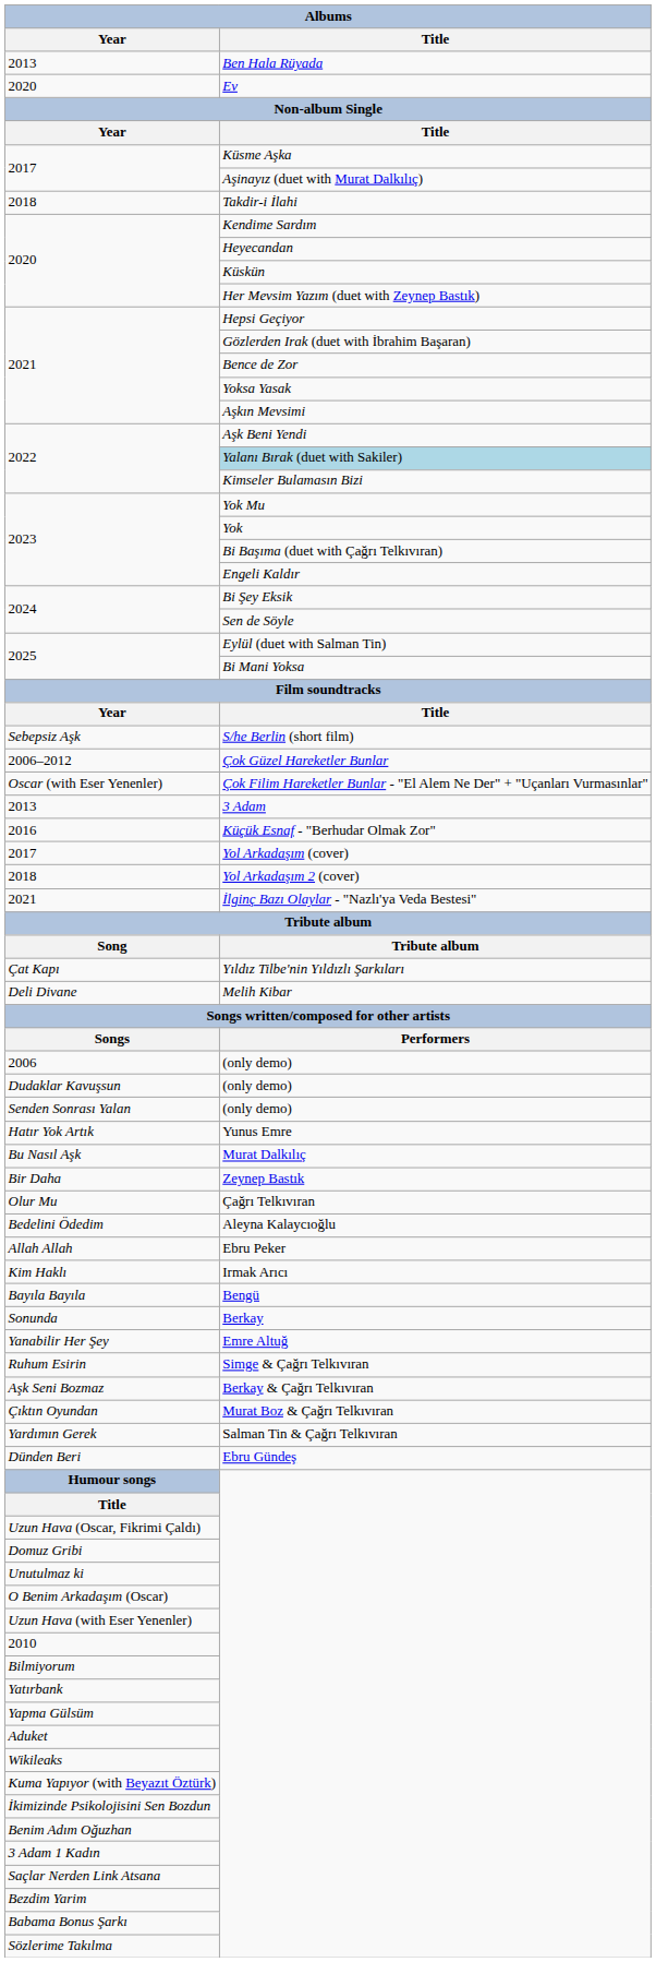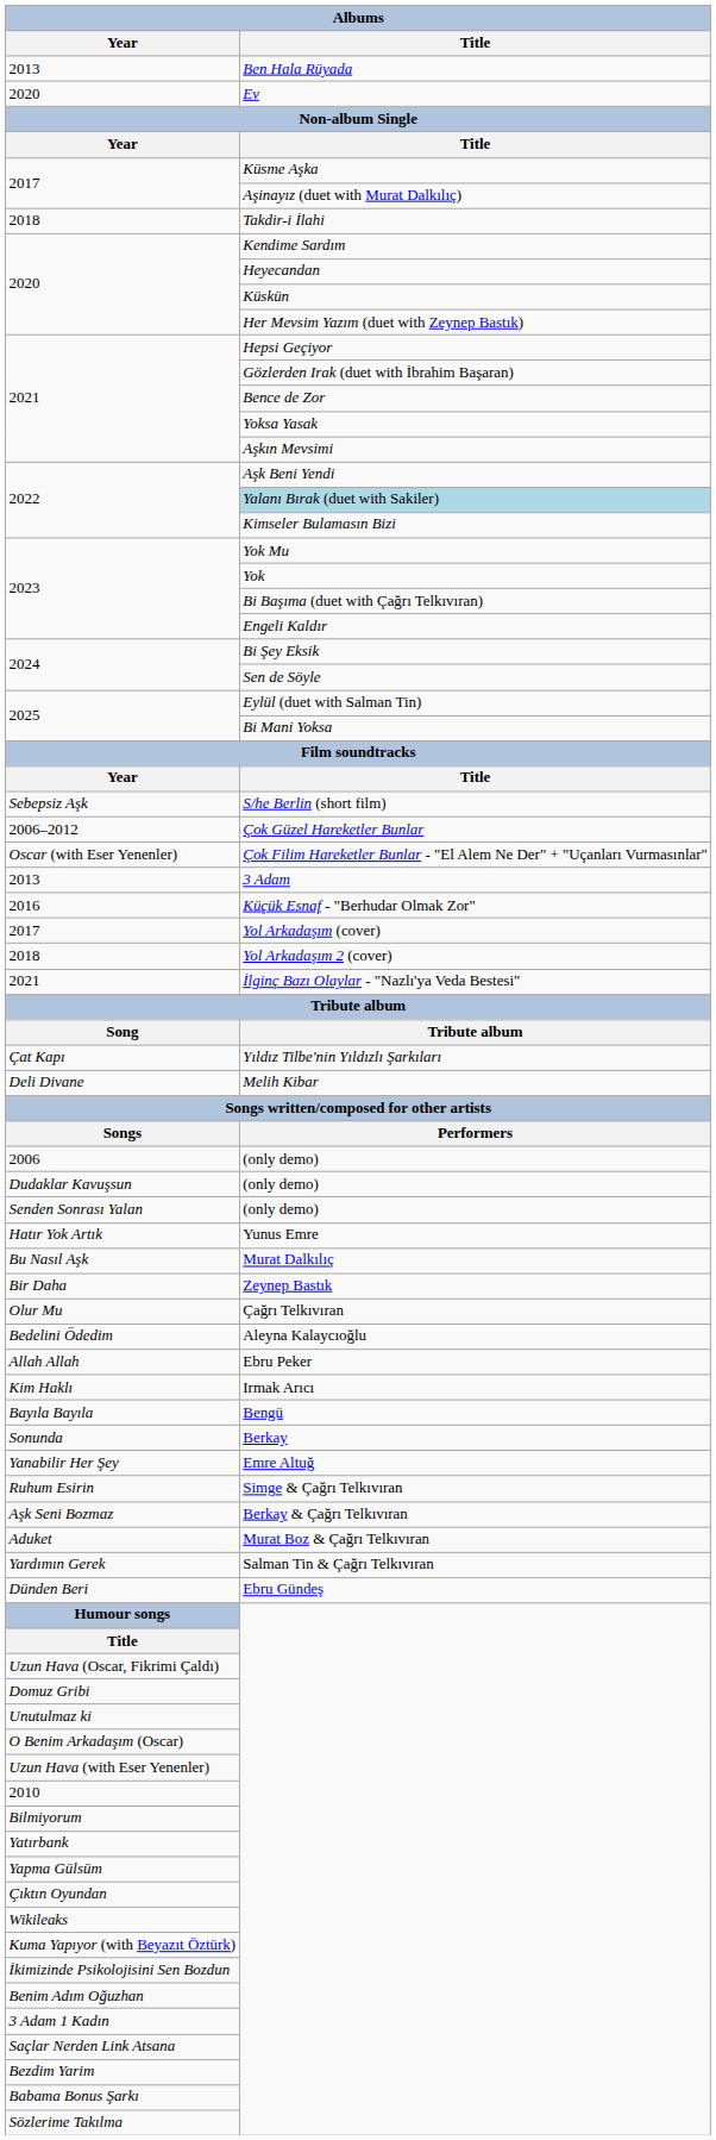 <table class="wikitable" style="font-size:80%">
 <tr>
 <th colspan="2" style="background:LightSteelBlue">Albums</th>
 </tr>
 <tr>
 <th>Year</th>
 <th>Title</th>
 </tr>
 <tr>
 <td>2013</td>
 <td><em><a href='#'>Ben Hala Rüyada</a></em></td>
 </tr>
 <tr>
 <td>2020</td>
 <td><em><a href='#'>Ev</a></em></td>
 </tr>
 <tr>
 <th colspan="2" style="background:LightSteelBlue">Non-album Single</th>
 </tr>
 <tr>
 <th>Year</th>
 <th>Title</th>
 </tr>
 <tr>
 <td rowspan="2">2017</td>
 <td><em>Küsme Aşka</em></td>
 </tr>
 <tr>
 <td><em>Aşinayız</em> (duet with <a href='#'>Murat Dalkılıç</a>)</td>
 </tr>
 <tr>
 <td>2018</td>
 <td><em>Takdir-i İlahi</em></td>
 </tr>
 <tr>
 <td rowspan="4">2020</td>
 <td><em>Kendime Sardım</em></td>
 </tr>
 <tr>
 <td><em>Heyecandan</em></td>
 </tr>
 <tr>
 <td><em>Küskün</em></td>
 </tr>
 <tr>
 <td><em>Her Mevsim Yazım</em> (duet with <a href='#'>Zeynep Bastık</a>)</td>
 </tr>
 <tr>
 <td rowspan="5">2021</td>
 <td><em>Hepsi Geçiyor</em></td>
 </tr>
 <tr>
 <td><em>Gözlerden Irak</em> (duet with İbrahim Başaran)</td>
 </tr>
 <tr>
 <td><em>Bence de Zor</em></td>
 </tr>
 <tr>
 <td><em>Yoksa Yasak</em></td>
 </tr>
 <tr>
 <td><em>Aşkın Mevsimi</em></td>
 </tr>
 <tr>
 <td rowspan="3">2022</td>
 <td><em>Aşk Beni Yendi</em></td>
 </tr>
 <tr>
 <td style="background: lightblue;"><em>Yalanı Bırak</em> (duet with Sakiler)</td>
 </tr>
 <tr>
 <td><em>Kimseler Bulamasın Bizi</em></td>
 </tr>
 <tr>
 <td rowspan="4">2023</td>
 <td><em>Yok Mu</em></td>
 </tr>
 <tr>
 <td><em>Yok</em></td>
 </tr>
 <tr>
 <td><em>Bi Başıma</em> (duet with Çağrı Telkıvıran)</td>
 </tr>
 <tr>
 <td><em>Engeli Kaldır</em></td>
 </tr>
 <tr>
 <td rowspan="2">2024</td>
 <td><em>Bi Şey Eksik</em></td>
 </tr>
 <tr>
 <td><em>Sen de Söyle</em></td>
 </tr>
 <tr>
 <td rowspan="2">2025</td>
 <td><em>Eylül</em> (duet with Salman Tin)</td>
 </tr>
 <tr>
 <td><em>Bi Mani Yoksa</em></td>
 </tr>
 <tr>
 <th colspan="2" style="background:LightSteelBlue">Film soundtracks</th>
 </tr>
 <tr>
 <th>Year</th>
 <th>Title</th>
 </tr>
 <tr>
 <td><em>Sebepsiz Aşk</em></td>
 <td><em><a href='#'>S/he Berlin</a></em> (short film)</td>
 </tr>
 <tr>
 <td>2006–2012</td>
 <td><em><a href='#'>Çok Güzel Hareketler Bunlar</a></em></td>
 </tr>
 <tr>
 <td><em>Oscar</em> (with Eser Yenenler)</td>
 <td><em><a href='#'>Çok Filim Hareketler Bunlar</a></em> - "El Alem Ne Der" + "Uçanları Vurmasınlar"</td>
 </tr>
 <tr>
 <td>2013</td>
 <td><em><a href='#'>3 Adam</a></em></td>
 </tr>
 <tr>
 <td>2016</td>
 <td><em><a href='#'>Küçük Esnaf</a></em> - "Berhudar Olmak Zor"</td>
 </tr>
 <tr>
 <td>2017</td>
 <td><em><a href='#'>Yol Arkadaşım</a></em> (cover)</td>
 </tr>
 <tr>
 <td>2018</td>
 <td><em><a href='#'>Yol Arkadaşım 2</a></em> (cover)</td>
 </tr>
 <tr>
 <td>2021</td>
 <td><em><a href='#'>İlginç Bazı Olaylar</a></em> - "Nazlı'ya Veda Bestesi"</td>
 </tr>
 <tr>
 <th colspan="2" style="background:LightSteelBlue">Tribute album</th>
 </tr>
 <tr>
 <th>Song</th>
 <th>Tribute album</th>
 </tr>
 <tr>
 <td><em>Çat Kapı</em></td>
 <td><em>Yıldız Tilbe'nin Yıldızlı Şarkıları</em></td>
 </tr>
 <tr>
 <td><em>Deli Divane</em></td>
 <td><em>Melih Kibar</em></td>
 </tr>
 <tr>
 <th colspan="2" style="background:LightSteelBlue">Songs written/composed for other artists</th>
 </tr>
 <tr>
 <th>Songs</th>
 <th>Performers</th>
 </tr>
 <tr>
 <td>2006</td>
 <td>(only demo)</td>
 </tr>
 <tr>
 <td><em>Dudaklar Kavuşsun</em></td>
 <td>(only demo)</td>
 </tr>
 <tr>
 <td><em>Senden Sonrası Yalan</em></td>
 <td>(only demo)</td>
 </tr>
 <tr>
 <td><em>Hatır Yok Artık</em></td>
 <td>Yunus Emre</td>
 </tr>
 <tr>
 <td><em>Bu Nasıl Aşk</em></td>
 <td><a href='#'>Murat Dalkılıç</a></td>
 </tr>
 <tr>
 <td><em>Bir Daha</em></td>
 <td><a href='#'>Zeynep Bastık</a></td>
 </tr>
 <tr>
 <td><em>Olur Mu</em></td>
 <td>Çağrı Telkıvıran</td>
 </tr>
 <tr>
 <td><em>Bedelini Ödedim</em></td>
 <td>Aleyna Kalaycıoğlu</td>
 </tr>
 <tr>
 <td><em>Allah Allah</em></td>
 <td>Ebru Peker</td>
 </tr>
 <tr>
 <td><em>Kim Haklı</em></td>
 <td>Irmak Arıcı</td>
 </tr>
 <tr>
 <td><em>Bayıla Bayıla</em></td>
 <td><a href='#'>Bengü</a></td>
 </tr>
 <tr>
 <td><em>Sonunda</em></td>
 <td><a href='#'>Berkay</a></td>
 </tr>
 <tr>
 <td><em>Yanabilir Her Şey</em></td>
 <td><a href='#'>Emre Altuğ</a></td>
 </tr>
 <tr>
 <td><em>Ruhum Esirin</em></td>
 <td><a href='#'>Simge</a> & Çağrı Telkıvıran</td>
 </tr>
 <tr>
 <td><em>Aşk Seni Bozmaz</em></td>
 <td><a href='#'>Berkay</a> & Çağrı Telkıvıran</td>
 </tr>
 <tr>
-<td><em>Çıktın Oyundan</em></td>
+<td><em>Aduket</em></td>
 <td><a href='#'>Murat Boz</a> & Çağrı Telkıvıran</td>
 </tr>
 <tr>
 <td><em>Yardımın Gerek</em></td>
 <td>Salman Tin & Çağrı Telkıvıran</td>
 </tr>
 <tr>
 <td><em>Dünden Beri</em></td>
 <td><a href='#'>Ebru Gündeş</a></td>
 </tr>
 <tr>
 <th colspan="1" style="background:LightSteelBlue">Humour songs</th>
 </tr>
 <tr>
 <th>Title</th>
 </tr>
 <tr>
 <td><em>Uzun Hava</em> (Oscar, Fikrimi Çaldı)</td>
 </tr>
 <tr>
 <td><em>Domuz Gribi</em></td>
 </tr>
 <tr>
 <td><em>Unutulmaz ki</em></td>
 </tr>
 <tr>
 <td><em>O Benim Arkadaşım</em> (Oscar)</td>
 </tr>
 <tr>
 <td><em>Uzun Hava</em> (with Eser Yenenler)</td>
 </tr>
 <tr>
 <td>2010</td>
 </tr>
 <tr>
 <td><em>Bilmiyorum</em></td>
 </tr>
 <tr>
 <td><em>Yatırbank</em></td>
 </tr>
 <tr>
 <td><em>Yapma Gülsüm</em></td>
 </tr>
 <tr>
-<td><em>Aduket</em></td>
+<td><em>Çıktın Oyundan</em></td>
 </tr>
 <tr>
 <td><em>Wikileaks</em></td>
 </tr>
 <tr>
 <td><em>Kuma Yapıyor</em> (with <a href='#'>Beyazıt Öztürk</a>)</td>
 </tr>
 <tr>
 <td><em>İkimizinde Psikolojisini Sen Bozdun</em></td>
 </tr>
 <tr>
 <td><em>Benim Adım Oğuzhan</em></td>
 </tr>
 <tr>
 <td><em>3 Adam 1 Kadın</em></td>
 </tr>
 <tr>
 <td><em>Saçlar Nerden Link Atsana</em></td>
 </tr>
 <tr>
 <td><em>Bezdim Yarim</em></td>
 </tr>
 <tr>
 <td><em>Babama Bonus Şarkı</em></td>
 </tr>
 <tr>
 <td><em>Sözlerime Takılma</em></td>
 </tr>
 </table>
